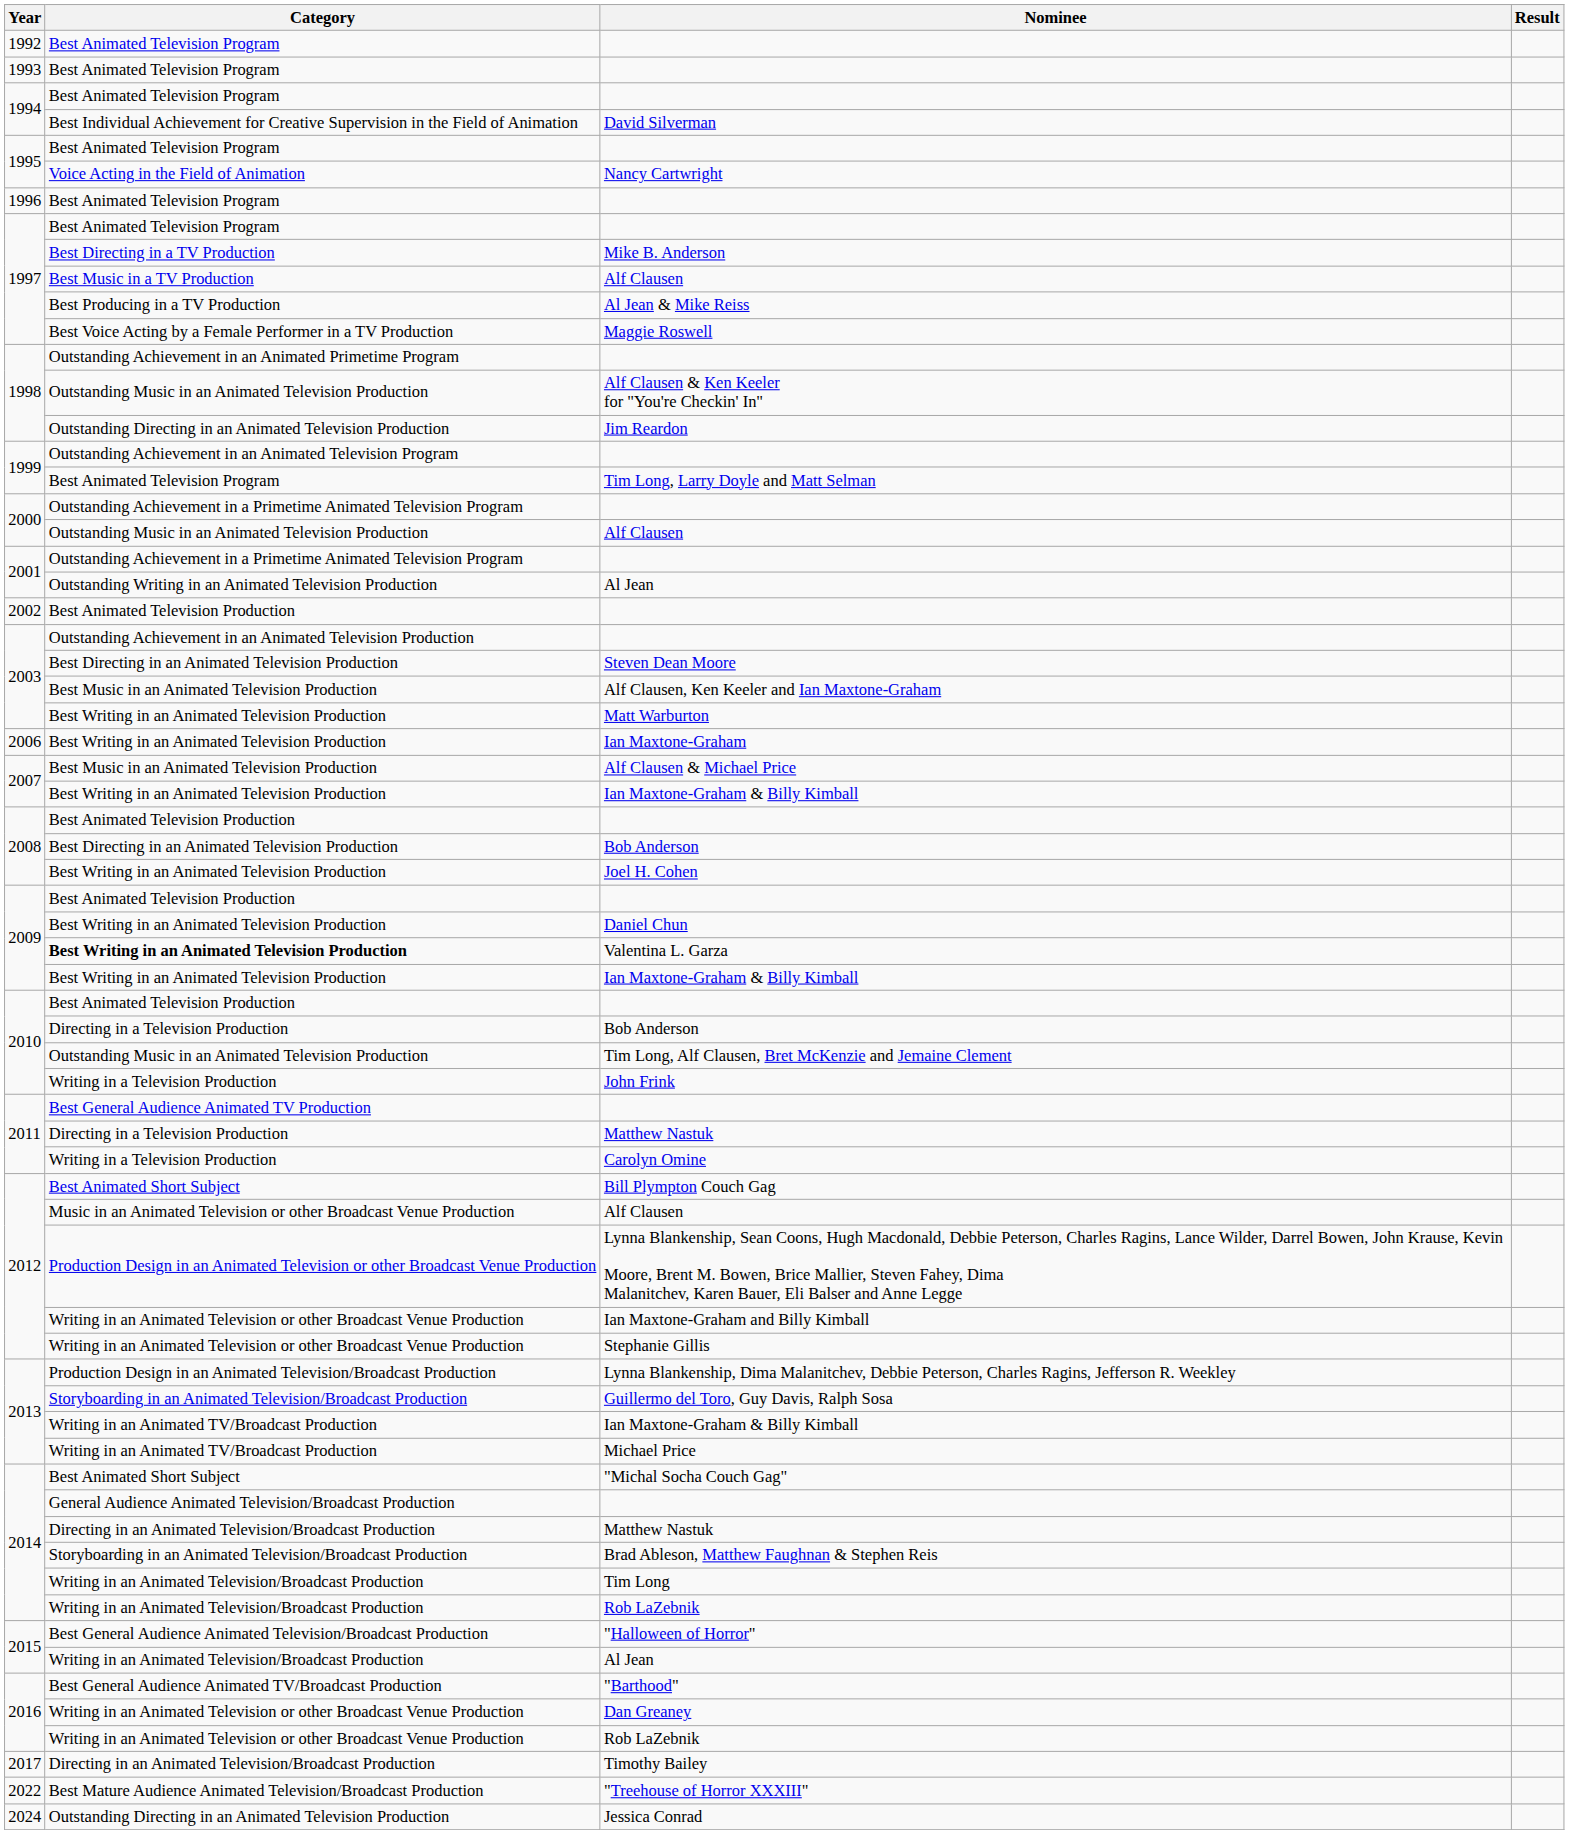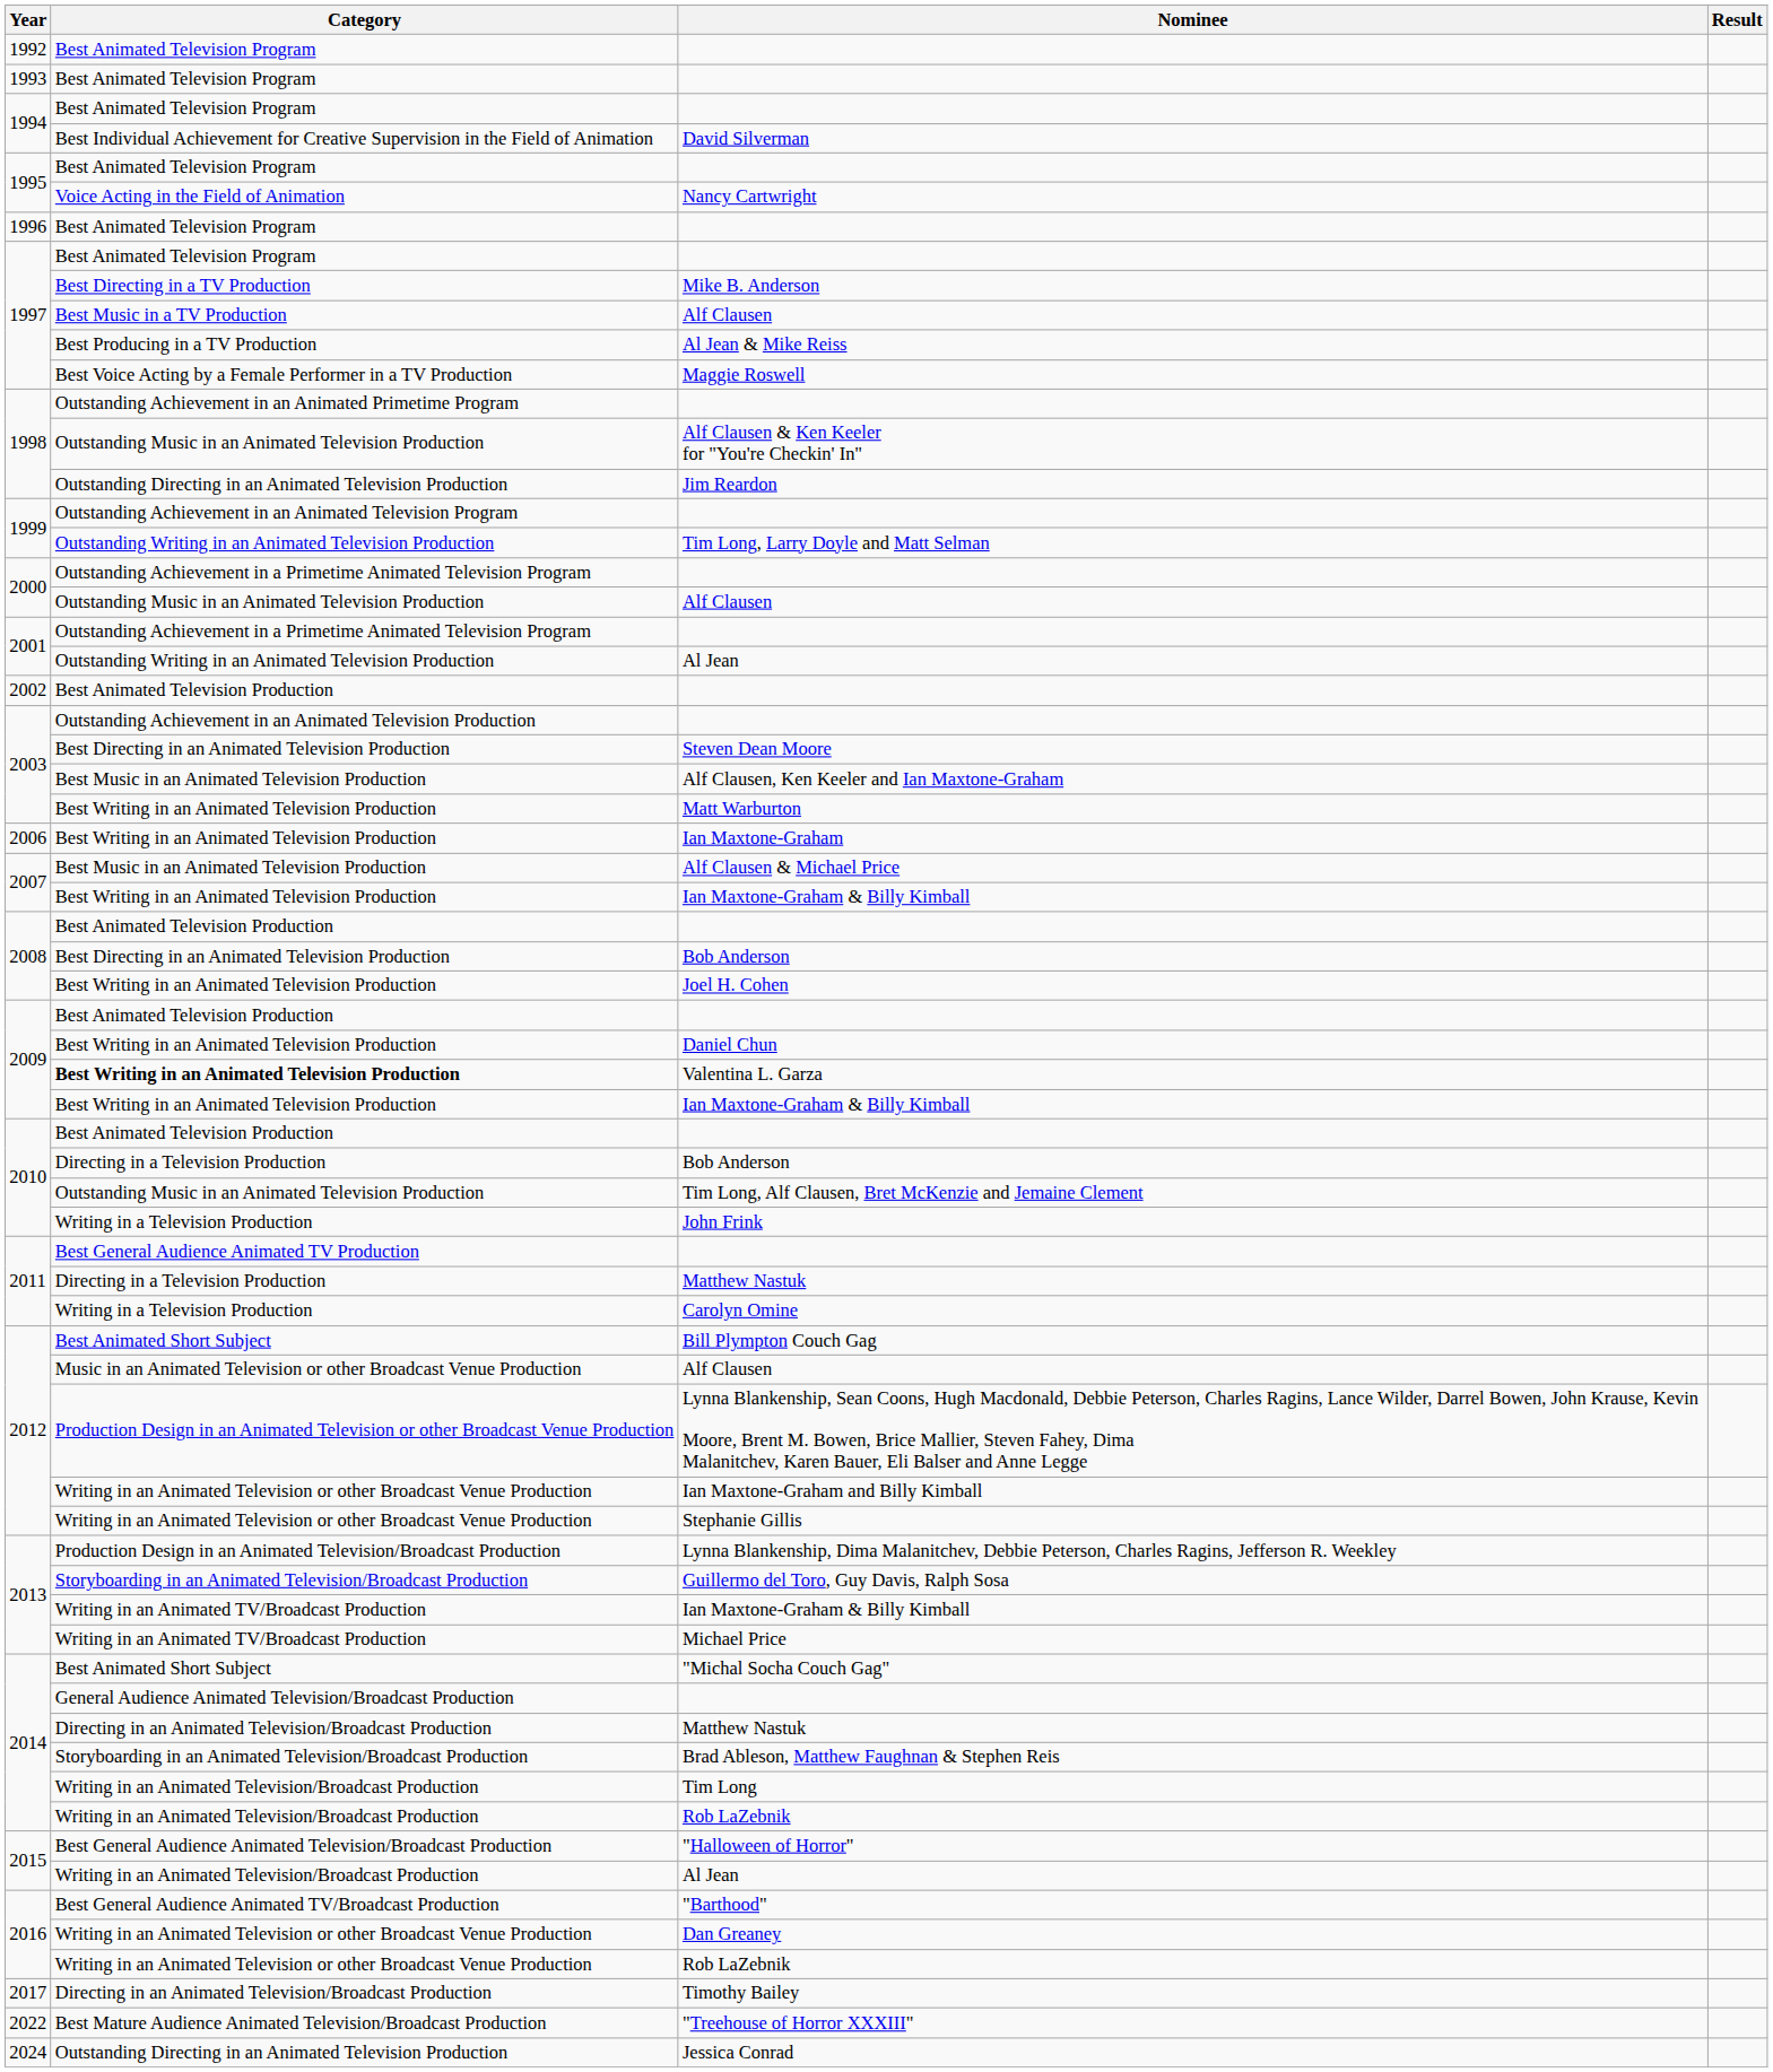 <table class="wikitable" "width=100%">
 <tr>
 <th>Year</th>
 <th>Category</th>
 <th>Nominee</th>
 <th>Result</th>
 </tr>
 <tr>
 <td>1992</td>
 <td><a href='#'>Best Animated Television Program</a></td>
 <td></td>
 <td></td>
 </tr>
 <tr>
 <td>1993</td>
 <td>Best Animated Television Program</td>
 <td></td>
 <td></td>
 </tr>
 <tr>
 <td rowspan="2">1994</td>
 <td>Best Animated Television Program</td>
 <td></td>
 <td></td>
 </tr>
 <tr>
 <td>Best Individual Achievement for Creative Supervision in the Field of Animation</td>
 <td><a href='#'>David Silverman</a></td>
 <td></td>
 </tr>
 <tr>
 <td rowspan="2">1995</td>
 <td>Best Animated Television Program</td>
 <td></td>
 <td></td>
 </tr>
 <tr>
 <td><a href='#'>Voice Acting in the Field of Animation</a></td>
 <td><a href='#'>Nancy Cartwright</a><br></td>
 <td></td>
 </tr>
 <tr>
 <td>1996</td>
 <td>Best Animated Television Program</td>
 <td></td>
 <td></td>
 </tr>
 <tr>
 <td rowspan="5">1997</td>
 <td>Best Animated Television Program</td>
 <td></td>
 <td></td>
 </tr>
 <tr>
 <td><a href='#'>Best Directing in a TV Production</a></td>
 <td><a href='#'>Mike B. Anderson</a><br></td>
 <td></td>
 </tr>
 <tr>
 <td><a href='#'>Best Music in a TV Production</a></td>
 <td><a href='#'>Alf Clausen</a></td>
 <td></td>
 </tr>
 <tr>
 <td>Best Producing in a TV Production</td>
 <td><a href='#'>Al Jean</a> & <a href='#'>Mike Reiss</a><br></td>
 <td></td>
 </tr>
 <tr>
 <td>Best Voice Acting by a Female Performer in a TV Production</td>
 <td><a href='#'>Maggie Roswell</a><br></td>
 <td></td>
 </tr>
 <tr>
 <td rowspan="3">1998</td>
 <td>Outstanding Achievement in an Animated Primetime Program</td>
 <td></td>
 <td></td>
 </tr>
 <tr>
 <td>Outstanding Music in an Animated Television Production</td>
 <td><a href='#'>Alf Clausen</a> & <a href='#'>Ken Keeler</a><br>for "You're Checkin' In"<br></td>
 <td></td>
 </tr>
 <tr>
 <td>Outstanding Directing in an Animated Television Production</td>
 <td><a href='#'>Jim Reardon</a><br></td>
 <td></td>
 </tr>
 <tr>
 <td rowspan="2">1999</td>
 <td>Outstanding Achievement in an Animated Television Program</td>
 <td></td>
 <td></td>
 </tr>
 <tr>
-<td>Best Animated Television Program</td>
+<td><a href='#'>Outstanding Writing in an Animated Television Production</a></td>
 <td><a href='#'>Tim Long</a>, <a href='#'>Larry Doyle</a> and <a href='#'>Matt Selman</a><br></td>
 <td></td>
 </tr>
 <tr>
 <td rowspan="2">2000</td>
 <td>Outstanding Achievement in a Primetime Animated Television Program</td>
 <td></td>
 <td></td>
 </tr>
 <tr>
 <td>Outstanding Music in an Animated Television Production</td>
 <td><a href='#'>Alf Clausen</a><br></td>
 <td></td>
 </tr>
 <tr>
 <td rowspan="2">2001</td>
 <td>Outstanding Achievement in a Primetime Animated Television Program</td>
 <td></td>
 <td></td>
 </tr>
 <tr>
 <td>Outstanding Writing in an Animated Television Production</td>
 <td>Al Jean<br></td>
 <td></td>
 </tr>
 <tr>
 <td>2002</td>
 <td>Best Animated Television Production</td>
 <td></td>
 <td></td>
 </tr>
 <tr>
 <td rowspan="4">2003</td>
 <td>Outstanding Achievement in an Animated Television Production</td>
 <td></td>
 <td></td>
 </tr>
 <tr>
 <td>Best Directing in an Animated Television Production</td>
 <td><a href='#'>Steven Dean Moore</a><br></td>
 <td></td>
 </tr>
 <tr>
 <td>Best Music in an Animated Television Production</td>
 <td>Alf Clausen, Ken Keeler and <a href='#'>Ian Maxtone-Graham</a><br></td>
 <td></td>
 </tr>
 <tr>
 <td>Best Writing in an Animated Television Production</td>
 <td><a href='#'>Matt Warburton</a><br></td>
 <td></td>
 </tr>
 <tr>
 <td>2006</td>
 <td>Best Writing in an Animated Television Production</td>
 <td><a href='#'>Ian Maxtone-Graham</a><br></td>
 <td></td>
 </tr>
 <tr>
 <td rowspan="2">2007</td>
 <td>Best Music in an Animated Television Production</td>
 <td><a href='#'>Alf Clausen</a> & <a href='#'>Michael Price</a><br></td>
 <td></td>
 </tr>
 <tr>
 <td>Best Writing in an Animated Television Production</td>
 <td><a href='#'>Ian Maxtone-Graham</a> & <a href='#'>Billy Kimball</a><br></td>
 <td></td>
 </tr>
 <tr>
 <td rowspan="3">2008</td>
 <td>Best Animated Television Production</td>
 <td></td>
 <td></td>
 </tr>
 <tr>
 <td>Best Directing in an Animated Television Production</td>
 <td><a href='#'>Bob Anderson</a><br></td>
 <td></td>
 </tr>
 <tr>
 <td>Best Writing in an Animated Television Production</td>
 <td><a href='#'>Joel H. Cohen</a><br></td>
 <td></td>
 </tr>
 <tr>
 <td rowspan="4">2009</td>
 <td>Best Animated Television Production</td>
 <td></td>
 <td></td>
 </tr>
 <tr>
 <td>Best Writing in an Animated Television Production</td>
 <td><a href='#'>Daniel Chun</a><br></td>
 <td></td>
 </tr>
 <tr>
 <td><strong>Best Writing in an Animated Television Production</strong></td>
 <td>Valentina L. Garza<br></td>
 <td></td>
 </tr>
 <tr>
 <td>Best Writing in an Animated Television Production</td>
 <td><a href='#'>Ian Maxtone-Graham</a> & <a href='#'>Billy Kimball</a><br></td>
 <td></td>
 </tr>
 <tr>
 <td rowspan="4">2010</td>
 <td>Best Animated Television Production</td>
 <td></td>
 <td></td>
 </tr>
 <tr>
 <td>Directing in a Television Production</td>
 <td>Bob Anderson</td>
 <td></td>
 </tr>
 <tr>
 <td>Outstanding Music in an Animated Television Production</td>
 <td>Tim Long, Alf Clausen, <a href='#'>Bret McKenzie</a> and <a href='#'>Jemaine Clement</a><br></td>
 <td></td>
 </tr>
 <tr>
 <td>Writing in a Television Production</td>
 <td><a href='#'>John Frink</a><br></td>
 <td></td>
 </tr>
 <tr>
 <td rowspan="3">2011</td>
 <td><a href='#'>Best General Audience Animated TV Production</a></td>
 <td></td>
 <td></td>
 </tr>
 <tr>
 <td>Directing in a Television Production</td>
 <td><a href='#'>Matthew Nastuk</a></td>
 <td></td>
 </tr>
 <tr>
 <td>Writing in a Television Production</td>
 <td><a href='#'>Carolyn Omine</a><br></td>
 <td></td>
 </tr>
 <tr>
 <td rowspan="5">2012</td>
 <td><a href='#'>Best Animated Short Subject</a></td>
 <td><a href='#'>Bill Plympton</a> Couch Gag<br></td>
 <td></td>
 </tr>
 <tr>
 <td>Music in an Animated Television or other Broadcast Venue Production</td>
 <td>Alf Clausen<br></td>
 <td></td>
 </tr>
 <tr>
 <td><a href='#'>Production Design in an Animated Television or other Broadcast Venue Production</a></td>
 <td>Lynna Blankenship, Sean Coons, Hugh Macdonald, Debbie Peterson, Charles Ragins, Lance Wilder, Darrel Bowen, John Krause, Kevin <br><br>Moore, Brent M. Bowen, Brice Mallier, Steven Fahey, Dima <br> Malanitchev, Karen Bauer, Eli Balser and Anne Legge<br></td>
 <td></td>
 </tr>
 <tr>
 <td>Writing in an Animated Television or other Broadcast Venue Production</td>
 <td>Ian Maxtone-Graham and Billy Kimball<br></td>
 <td></td>
 </tr>
 <tr>
 <td>Writing in an Animated Television or other Broadcast Venue Production</td>
 <td>Stephanie Gillis<br></td>
 <td></td>
 </tr>
 <tr>
 <td rowspan="4">2013</td>
 <td>Production Design in an Animated Television/Broadcast Production</td>
 <td>Lynna Blankenship, Dima Malanitchev, Debbie Peterson, Charles Ragins, Jefferson R. Weekley<br></td>
 <td></td>
 </tr>
 <tr>
 <td><a href='#'>Storyboarding in an Animated Television/Broadcast Production</a></td>
 <td><a href='#'>Guillermo del Toro</a>, Guy Davis, Ralph Sosa<br></td>
 <td></td>
 </tr>
 <tr>
 <td>Writing in an Animated TV/Broadcast Production</td>
 <td>Ian Maxtone-Graham & Billy Kimball</td>
 <td></td>
 </tr>
 <tr>
 <td>Writing in an Animated TV/Broadcast Production</td>
 <td>Michael Price</td>
 <td></td>
 </tr>
 <tr>
 <td rowspan="6">2014</td>
 <td>Best Animated Short Subject</td>
 <td>"Michal Socha Couch Gag"<br></td>
 <td></td>
 </tr>
 <tr>
 <td>General Audience Animated Television/Broadcast Production</td>
 <td></td>
 <td></td>
 </tr>
 <tr>
 <td>Directing in an Animated Television/Broadcast Production</td>
 <td>Matthew Nastuk</td>
 <td></td>
 </tr>
 <tr>
 <td>Storyboarding in an Animated Television/Broadcast Production</td>
 <td>Brad Ableson, <a href='#'>Matthew Faughnan</a> & Stephen Reis</td>
 <td></td>
 </tr>
 <tr>
 <td>Writing in an Animated Television/Broadcast Production</td>
 <td>Tim Long<br></td>
 <td></td>
 </tr>
 <tr>
 <td>Writing in an Animated Television/Broadcast Production</td>
 <td><a href='#'>Rob LaZebnik</a><br></td>
 <td></td>
 </tr>
 <tr>
 <td rowspan="2">2015</td>
 <td>Best General Audience Animated Television/Broadcast Production</td>
 <td>"<a href='#'>Halloween of Horror</a>"</td>
 <td></td>
 </tr>
 <tr>
 <td>Writing in an Animated Television/Broadcast Production</td>
 <td>Al Jean</td>
 <td></td>
 </tr>
 <tr>
 <td rowspan="3">2016</td>
 <td>Best General Audience Animated TV/Broadcast Production</td>
 <td>"<a href='#'>Barthood</a>"</td>
 <td></td>
 </tr>
 <tr>
 <td>Writing in an Animated Television or other Broadcast Venue Production</td>
 <td><a href='#'>Dan Greaney</a><br></td>
 <td></td>
 </tr>
 <tr>
 <td>Writing in an Animated Television or other Broadcast Venue Production</td>
 <td>Rob LaZebnik<br></td>
 <td></td>
 </tr>
 <tr>
 <td rowspan="1">2017</td>
 <td>Directing in an Animated Television/Broadcast Production</td>
 <td>Timothy Bailey<br></td>
 <td></td>
 </tr>
 <tr>
 <td rowspan="1">2022</td>
 <td>Best Mature Audience Animated Television/Broadcast Production</td>
 <td>"<a href='#'>Treehouse of Horror XXXIII</a>"</td>
 <td></td>
 </tr>
 <tr>
 <td rowspan="1">2024</td>
 <td>Outstanding Directing in an Animated Television Production</td>
 <td>Jessica Conrad<br></td>
 <td></td>
 </tr>
 </table>
